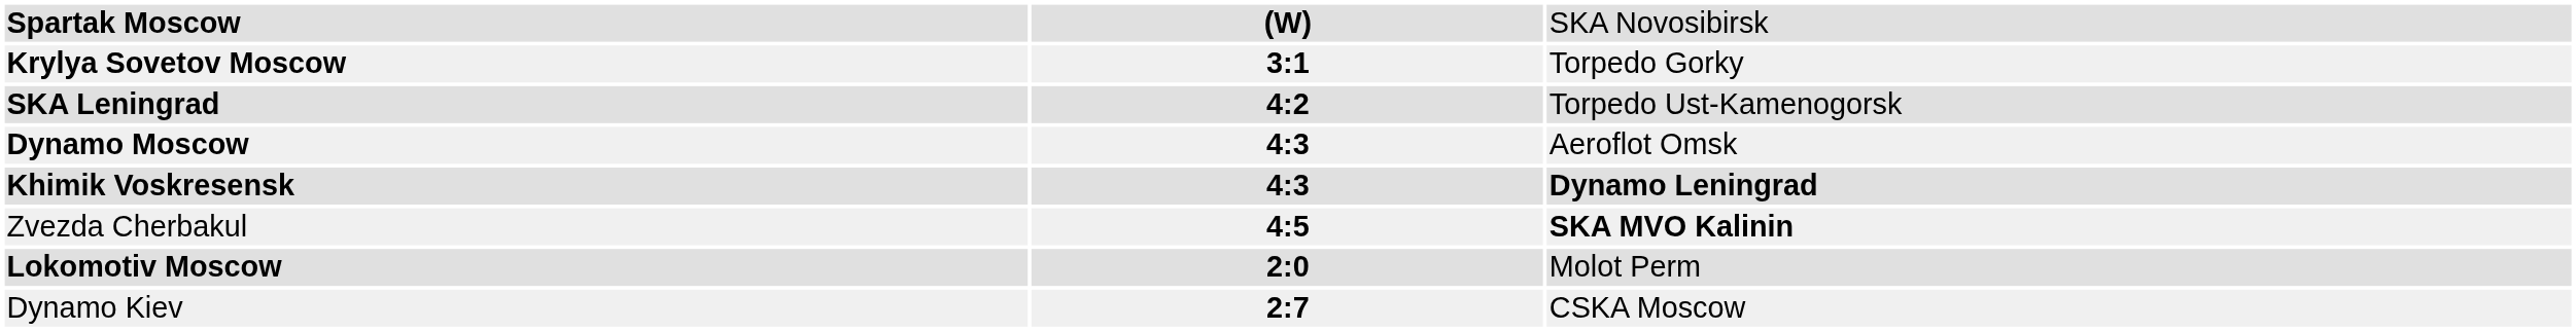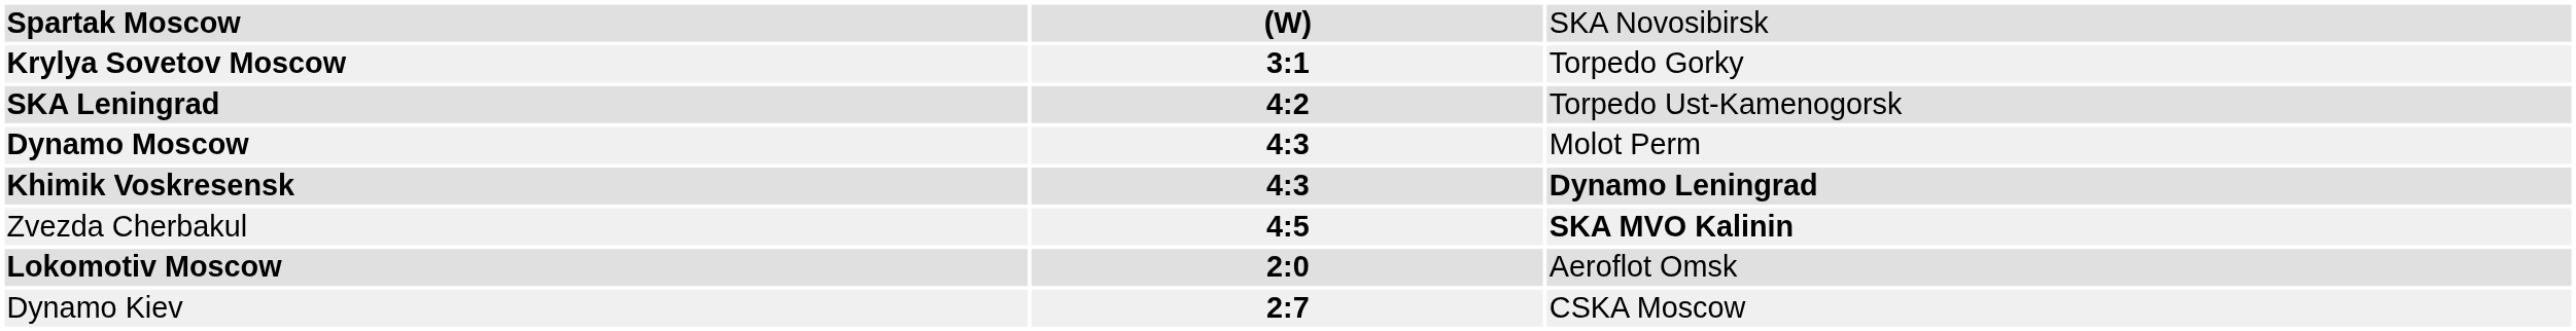 <table width="70%">
 <tr bgcolor="#e0e0e0">
 <td style="width:40%;"><strong>Spartak Moscow</strong></td>
 <th style="width:20%;"><strong>(W)</strong></th>
 <td style="width:40%;">SKA Novosibirsk</td>
 </tr>
 <tr bgcolor="#f0f0f0">
 <td><strong>Krylya Sovetov Moscow</strong></td>
 <th><strong>3:1</strong></th>
 <td>Torpedo Gorky</td>
 </tr>
 <tr bgcolor="#e0e0e0">
 <td><strong>SKA Leningrad</strong></td>
 <th><strong>4:2</strong></th>
 <td>Torpedo Ust-Kamenogorsk</td>
 </tr>
 <tr bgcolor="#f0f0f0">
 <td><strong>Dynamo Moscow</strong></td>
 <td align="center"><strong>4:3</strong></td>
-<td>Aeroflot Omsk</td>
+<td>Molot Perm</td>
 </tr>
 <tr bgcolor="#e0e0e0">
 <td><strong>Khimik Voskresensk</strong></td>
 <th><strong>4:3</strong></th>
 <td><strong>Dynamo Leningrad</strong></td>
 </tr>
 <tr bgcolor="#f0f0f0">
 <td>Zvezda Cherbakul</td>
 <td align="center"><strong>4:5</strong></td>
 <td><strong>SKA MVO Kalinin</strong></td>
 </tr>
 <tr bgcolor="#e0e0e0">
 <td><strong>Lokomotiv Moscow</strong></td>
 <th><strong>2:0</strong></th>
-<td>Molot Perm</td>
+<td>Aeroflot Omsk</td>
 </tr>
 <tr bgcolor="#f0f0f0">
 <td>Dynamo Kiev</td>
 <td align="center"><strong>2:7</strong></td>
 <td>CSKA Moscow</td>
 </tr>
 </table>
